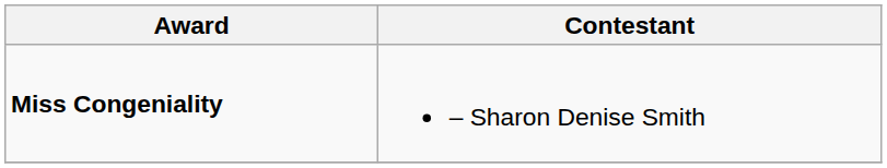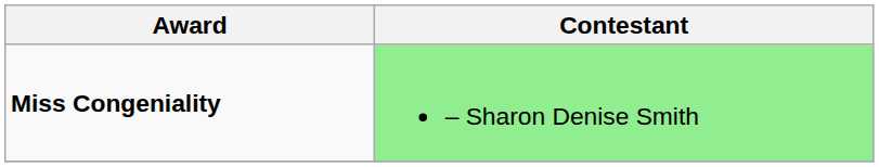 <table class="wikitable sortable" style="font-size:95%;">
 <tr>
 <th width="220">Award</th>
 <th width="300">Contestant</th>
 </tr>
 <tr>
 <td><strong>Miss Congeniality</strong></td>
-<td><br><ul><li><strong></strong> – Sharon Denise Smith</li></ul></td>
+<td style="background: lightgreen;"><br><ul><li><strong></strong> – Sharon Denise Smith</li></ul></td>
 </tr>
 <tr>
 </tr>
 </table>
